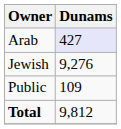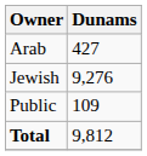 <table class="wikitable">
 <tr>
 <th>Owner</th>
 <th>Dunams</th>
 </tr>
 <tr>
 <td>Arab</td>
-<td style="background: lavender;">427</td>
+<td>427</td>
 </tr>
 <tr>
 <td>Jewish</td>
 <td>9,276</td>
 </tr>
 <tr>
 <td>Public</td>
 <td>109</td>
 </tr>
 <tr>
 <td><strong>Total</strong></td>
 <td>9,812</td>
 </tr>
 <tr>
 </tr>
 </table>
